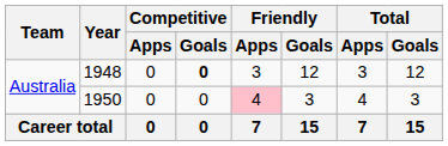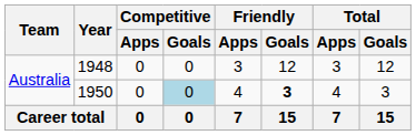 <table class="wikitable" style="text-align:center">
 <tr>
 <th rowspan=2>Team</th>
 <th rowspan=2>Year</th>
 <th colspan=2>Competitive</th>
 <th colspan=2>Friendly</th>
 <th colspan=2>Total</th>
 </tr>
 <tr>
 <th>Apps</th>
 <th>Goals</th>
 <th>Apps</th>
 <th>Goals</th>
 <th>Apps</th>
 <th>Goals</th>
 </tr>
 <tr>
 <td rowspan="2"><a href='#'>Australia</a></td>
 <td>1948</td>
 <td>0</td>
-<td><strong>0</strong></td>
+<td>0</td>
 <td>3</td>
 <td>12</td>
 <td>3</td>
 <td>12</td>
 </tr>
 <tr>
 <td>1950</td>
 <td>0</td>
-<td>0</td>
-<td style="background: pink;">4</td>
-<td>3</td>
+<td style="background: lightblue;">0</td>
+<td>4</td>
+<td><strong>3</strong></td>
 <td>4</td>
 <td>3</td>
 </tr>
 <tr>
 <th colspan=2>Career total</th>
 <th>0</th>
 <th>0</th>
 <th>7</th>
 <th>15</th>
 <th>7</th>
 <th>15</th>
 </tr>
 </table>
